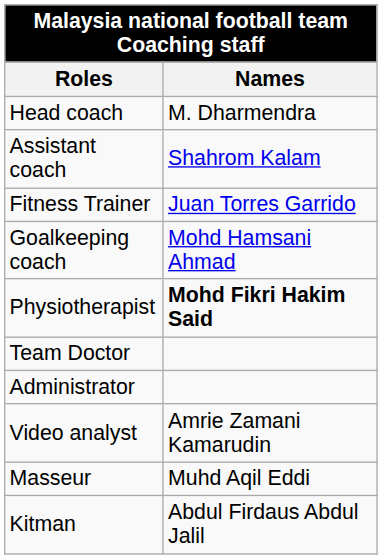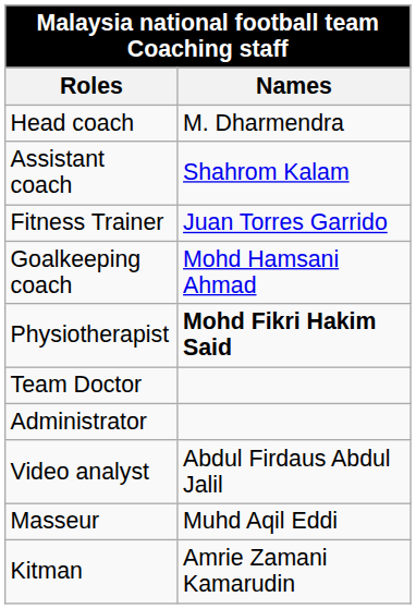 <table class="wikitable"  width=45% style="text-align: left;">
 <tr>
 <th colspan=5 style="background: #000000; color: #FFFFFF;">Malaysia national football team Coaching staff</th>
 </tr>
 <tr>
 <th width=100px>Roles</th>
 <th width=150px>Names</th>
 </tr>
 <tr>
 <td>Head coach</td>
 <td> M. Dharmendra</td>
 </tr>
 <tr>
 <td>Assistant coach</td>
 <td> <a href='#'>Shahrom Kalam</a></td>
 </tr>
 <tr>
 <td>Fitness Trainer</td>
 <td> <a href='#'>Juan Torres Garrido</a></td>
 </tr>
 <tr>
 <td>Goalkeeping coach</td>
 <td> <a href='#'>Mohd Hamsani Ahmad</a></td>
 </tr>
 <tr>
 <td>Physiotherapist</td>
 <td><strong> Mohd Fikri Hakim Said</strong></td>
 </tr>
 <tr>
 <td>Team Doctor</td>
 <td></td>
 </tr>
 <tr>
 <td>Administrator</td>
 <td></td>
 </tr>
 <tr>
 <td>Video analyst</td>
-<td> Amrie Zamani Kamarudin</td>
+<td> Abdul Firdaus Abdul Jalil</td>
 </tr>
 <tr>
 <td>Masseur</td>
 <td> Muhd Aqil Eddi</td>
 </tr>
 <tr>
 <td>Kitman</td>
-<td> Abdul Firdaus Abdul Jalil</td>
+<td> Amrie Zamani Kamarudin</td>
 </tr>
 </table>
